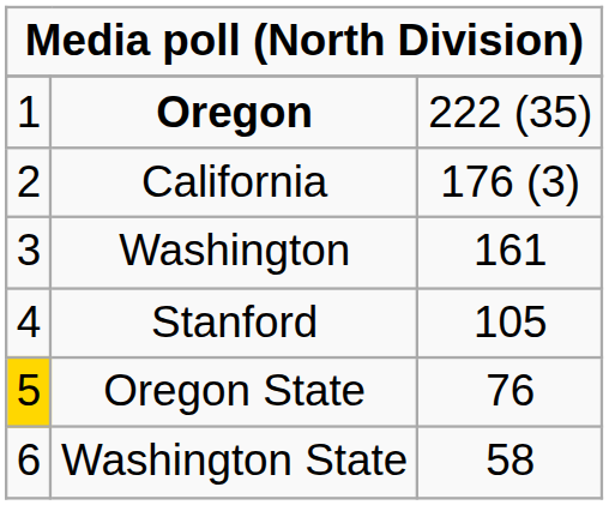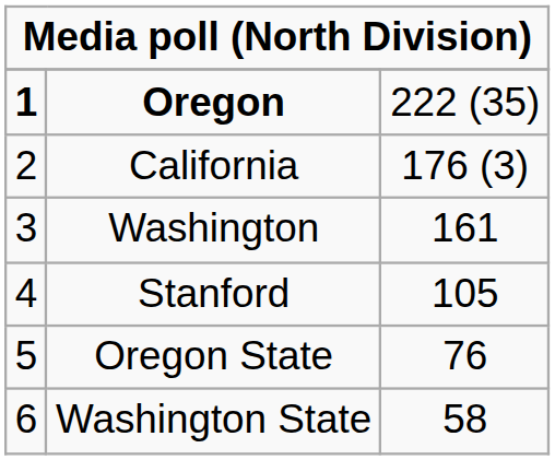 <table class="wikitable" style="display: inline-table;">
 <tr>
 <td align="center" Colspan="3"><strong>Media poll (North Division)</strong></td>
 </tr>
 <tr align="center">
 </tr>
 <tr align="center">
-<td>1</td>
+<td><strong>1</strong></td>
 <td><strong>Oregon</strong></td>
 <td>222 (35)</td>
 </tr>
 <tr align="center">
 <td>2</td>
 <td>California</td>
 <td>176 (3)</td>
 </tr>
 <tr align="center">
 <td>3</td>
 <td>Washington</td>
 <td>161</td>
 </tr>
 <tr align="center">
 <td>4</td>
 <td>Stanford</td>
 <td>105</td>
 </tr>
 <tr align="center">
-<td style="background: gold;">5</td>
+<td>5</td>
 <td>Oregon State</td>
 <td>76</td>
 </tr>
 <tr align="center">
 <td>6</td>
 <td>Washington State</td>
 <td>58</td>
 </tr>
 </table>
